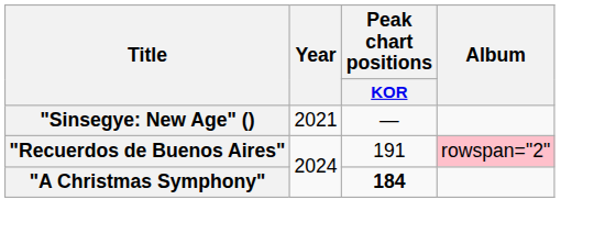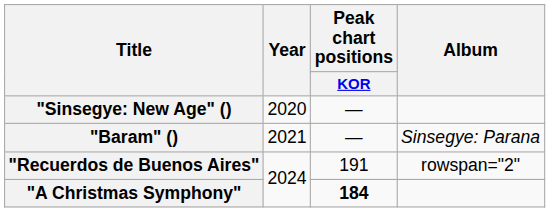 <table class="wikitable plainrowheaders" style="text-align:center">
 <tr>
 <th scope="col" rowspan="2">Title</th>
 <th scope="col" rowspan="2">Year</th>
 <th scope="col" colspan="1">Peak chart positions</th>
 <th scope="col" rowspan="2">Album</th>
 </tr>
 <tr>
 <th scope="col" style="font-size:85%; width:2.5em"><a href='#'>KOR</a><br></th>
 </tr>
 <tr>
 <th scope="row">"Sinsegye: New Age" ()</th>
+<td>2020</td>
+<td>—</td>
+<td></td>
+</tr>
+<tr>
+<th scope="row">"Baram" ()</th>
 <td>2021</td>
 <td>—</td>
-<td></td>
+<td><em>Sinsegye: Parana</em></td>
 </tr>
 <tr>
 <th scope="row">"Recuerdos de Buenos Aires"</th>
 <td rowspan="2">2024</td>
 <td>191</td>
-<td style="background: pink;">rowspan="2" </td>
+<td>rowspan="2" </td>
 </tr>
 <tr>
 <th scope="row">"A Christmas Symphony"</th>
 <td><strong>184</strong></td>
 </tr>
 </table>
